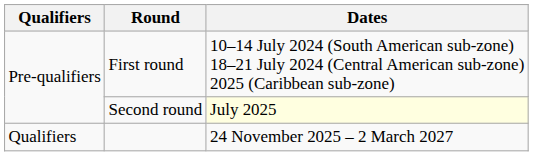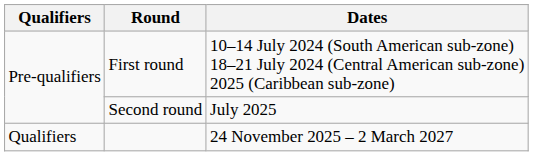 <table class="wikitable">
 <tr>
 <th>Qualifiers</th>
 <th>Round</th>
 <th>Dates</th>
 </tr>
 <tr>
 <td rowspan=2>Pre-qualifiers</td>
 <td>First round</td>
 <td>10–14 July 2024 (South American sub-zone)<br>18–21 July 2024 (Central American sub-zone)<br> 2025 (Caribbean sub-zone)</td>
 </tr>
 <tr>
 <td>Second round</td>
-<td style="background: lightyellow;">July 2025</td>
+<td>July 2025</td>
 </tr>
 <tr>
 <td>Qualifiers</td>
 <td></td>
 <td>24 November 2025 – 2 March 2027</td>
 </tr>
 </table>
